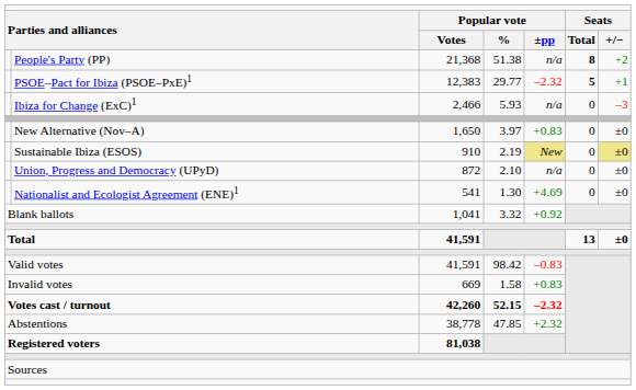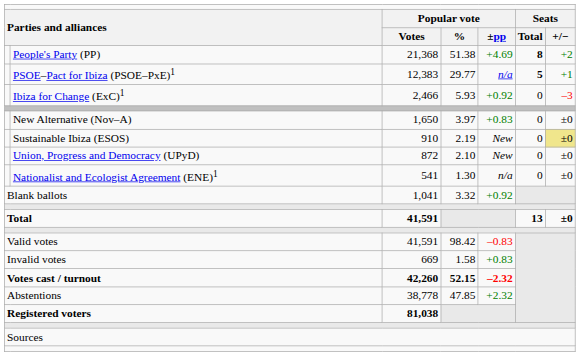 <table class="wikitable" style="text-align:right;">
 <tr>
 <td colspan="7"></td>
 </tr>
 <tr>
 <th style="text-align:left;" rowspan="2" colspan="2" width="525">Parties and alliances</th>
 <th colspan="3">Popular vote</th>
 <th colspan="2">Seats</th>
 </tr>
 <tr>
 <th width="75">Votes</th>
 <th width="45">%</th>
 <th width="45">±<a href='#'>pp</a></th>
 <th width="35">Total</th>
 <th width="35">+/−</th>
 </tr>
 <tr>
 <td style="color:inherit;background:"></td>
 <td align="left"><a href='#'>People's Party</a> (PP)</td>
 <td>21,368</td>
 <td>51.38</td>
-<td><em>n/a</em></td>
+<td style="color:green;">+4.69</td>
 <td><strong>8</strong></td>
 <td style="color:green;">+2</td>
 </tr>
 <tr>
 <td width="1" style="color:inherit;background:"></td>
 <td align="left"><a href='#'>PSOE</a>–<a href='#'>Pact for Ibiza</a> (PSOE–PxE)<sup>1</sup></td>
 <td>12,383</td>
 <td>29.77</td>
-<td style="color:red;">–2.32</td>
+<td><em><a href='#'>n/a</a></em></td>
 <td><strong>5</strong></td>
 <td style="color:green;">+1</td>
 </tr>
 <tr>
 <td style="color:inherit;background:"></td>
 <td align="left"><a href='#'>Ibiza for Change</a> (ExC)<sup>1</sup></td>
 <td>2,466</td>
 <td>5.93</td>
-<td><em>n/a</em></td>
+<td style="color:green;">+0.92</td>
 <td>0</td>
 <td style="color:red;">–3</td>
 </tr>
 <tr>
 <td colspan="7" bgcolor="#C0C0C0"></td>
 </tr>
 <tr>
 <td style="color:inherit;background:"></td>
 <td align="left">New Alternative (Nov–A)</td>
 <td>1,650</td>
 <td>3.97</td>
 <td style="color:green;">+0.83</td>
 <td>0</td>
 <td>±0</td>
 </tr>
 <tr>
 <td style="color:inherit;background:"></td>
 <td align="left">Sustainable Ibiza (ESOS)</td>
 <td>910</td>
 <td>2.19</td>
-<td style="background: khaki;"><em>New</em></td>
+<td><em>New</em></td>
 <td>0</td>
 <td style="background: khaki;">±0</td>
 </tr>
 <tr>
 <td style="color:inherit;background:"></td>
 <td align="left"><a href='#'>Union, Progress and Democracy</a> (UPyD)</td>
 <td>872</td>
 <td>2.10</td>
-<td><em>n/a</em></td>
+<td><em>New</em></td>
 <td>0</td>
 <td>±0</td>
 </tr>
 <tr>
 <td style="color:inherit;background:"></td>
 <td align="left"><a href='#'>Nationalist and Ecologist Agreement</a> (ENE)<sup>1</sup></td>
 <td>541</td>
 <td>1.30</td>
-<td style="color:green;">+4.69</td>
+<td><em>n/a</em></td>
 <td>0</td>
 <td>±0</td>
 </tr>
 <tr>
 <td align="left" colspan="2">Blank ballots</td>
 <td>1,041</td>
 <td>3.32</td>
 <td style="color:green;">+0.92</td>
 <td bgcolor="#E9E9E9" colspan="2"></td>
 </tr>
 <tr>
 <td colspan="7" bgcolor="#E9E9E9"></td>
 </tr>
 <tr style="font-weight:bold;">
 <td align="left" colspan="2">Total</td>
 <td>41,591</td>
 <td bgcolor="#E9E9E9" colspan="2"></td>
 <td>13</td>
 <td>±0</td>
 </tr>
 <tr>
 <td colspan="7" bgcolor="#E9E9E9"></td>
 </tr>
 <tr>
 <td align="left" colspan="2">Valid votes</td>
 <td>41,591</td>
 <td>98.42</td>
 <td style="color:red;">–0.83</td>
 <td bgcolor="#E9E9E9" colspan="2" rowspan="5"></td>
 </tr>
 <tr>
 <td align="left" colspan="2">Invalid votes</td>
 <td>669</td>
 <td>1.58</td>
 <td style="color:green;">+0.83</td>
 </tr>
 <tr style="font-weight:bold;">
 <td align="left" colspan="2">Votes cast / turnout</td>
 <td>42,260</td>
 <td>52.15</td>
 <td style="color:red;">–2.32</td>
 </tr>
 <tr>
 <td align="left" colspan="2">Abstentions</td>
 <td>38,778</td>
 <td>47.85</td>
 <td style="color:green;">+2.32</td>
 </tr>
 <tr style="font-weight:bold;">
 <td align="left" colspan="2">Registered voters</td>
 <td>81,038</td>
 <td bgcolor="#E9E9E9" colspan="2"></td>
 </tr>
 <tr>
 <td colspan="7" bgcolor="#E9E9E9"></td>
 </tr>
 <tr>
 <td align="left" colspan="7">Sources</td>
 </tr>
 <tr>
 <td colspan="7" style="text-align:left; max-width:790px;"></td>
 </tr>
 </table>
